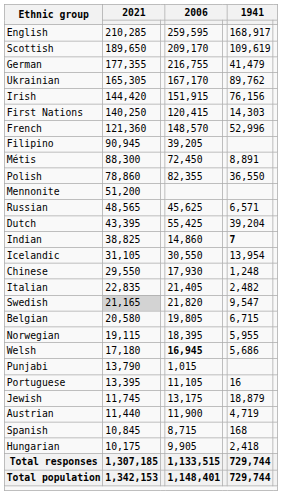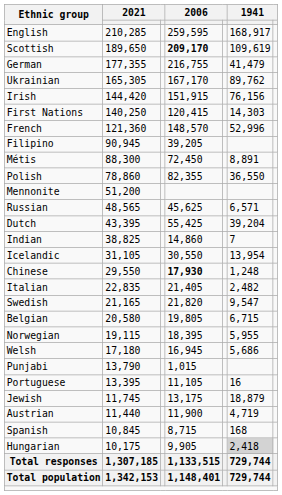 <table class="wikitable sortable">
 <tr>
 <th rowspan="2">Ethnic group</th>
 <th colspan="2">2021</th>
 <th colspan="2">2006</th>
 <th colspan="2">1941</th>
 </tr>
 <tr>
 <th><a href='#'></a></th>
 <th></th>
 <th></th>
 <th></th>
 <th></th>
 <th></th>
 </tr>
 <tr>
 <td>English</td>
 <td>210,285</td>
 <td></td>
 <td>259,595</td>
 <td></td>
 <td>168,917</td>
 <td></td>
 </tr>
 <tr>
 <td>Scottish</td>
 <td>189,650</td>
 <td></td>
-<td>209,170</td>
+<td><strong>209,170</strong></td>
 <td></td>
 <td>109,619</td>
 <td></td>
 </tr>
 <tr>
 <td>German</td>
 <td>177,355</td>
 <td></td>
 <td>216,755</td>
 <td></td>
 <td>41,479</td>
 <td></td>
 </tr>
 <tr>
 <td>Ukrainian</td>
 <td>165,305</td>
 <td></td>
 <td>167,170</td>
 <td></td>
 <td>89,762</td>
 <td></td>
 </tr>
 <tr>
 <td>Irish</td>
 <td>144,420</td>
 <td></td>
 <td>151,915</td>
 <td></td>
 <td>76,156</td>
 <td></td>
 </tr>
 <tr>
 <td>First Nations</td>
 <td>140,250</td>
 <td></td>
 <td>120,415</td>
 <td></td>
 <td>14,303</td>
 <td></td>
 </tr>
 <tr>
 <td>French</td>
 <td>121,360</td>
 <td></td>
 <td>148,570</td>
 <td></td>
 <td>52,996</td>
 <td></td>
 </tr>
 <tr>
 <td>Filipino</td>
 <td>90,945</td>
 <td></td>
 <td>39,205</td>
 <td></td>
 <td></td>
 <td></td>
 </tr>
 <tr>
 <td>Métis</td>
 <td>88,300</td>
 <td></td>
 <td>72,450</td>
 <td></td>
 <td>8,891</td>
 <td></td>
 </tr>
 <tr>
 <td>Polish</td>
 <td>78,860</td>
 <td></td>
 <td>82,355</td>
 <td></td>
 <td>36,550</td>
 <td></td>
 </tr>
 <tr>
 <td>Mennonite</td>
 <td>51,200</td>
 <td></td>
 <td></td>
 <td></td>
 <td></td>
 <td></td>
 </tr>
 <tr>
 <td>Russian</td>
 <td>48,565</td>
 <td></td>
 <td>45,625</td>
 <td></td>
 <td>6,571</td>
 <td></td>
 </tr>
 <tr>
 <td>Dutch</td>
 <td>43,395</td>
 <td></td>
 <td>55,425</td>
 <td></td>
 <td>39,204</td>
 <td></td>
 </tr>
 <tr>
 <td>Indian</td>
 <td>38,825</td>
 <td></td>
 <td>14,860</td>
 <td></td>
-<td><strong>7</strong></td>
+<td>7</td>
 <td></td>
 </tr>
 <tr>
 <td>Icelandic</td>
 <td>31,105</td>
 <td></td>
 <td>30,550</td>
 <td></td>
 <td>13,954</td>
 <td></td>
 </tr>
 <tr>
 <td>Chinese</td>
 <td>29,550</td>
 <td></td>
-<td>17,930</td>
+<td><strong>17,930</strong></td>
 <td></td>
 <td>1,248</td>
 <td></td>
 </tr>
 <tr>
 <td>Italian</td>
 <td>22,835</td>
 <td></td>
 <td>21,405</td>
 <td></td>
 <td>2,482</td>
 <td></td>
 </tr>
 <tr>
 <td>Swedish</td>
-<td style="background: lightgrey;">21,165</td>
+<td>21,165</td>
 <td></td>
 <td>21,820</td>
 <td></td>
 <td>9,547</td>
 <td></td>
 </tr>
 <tr>
 <td>Belgian</td>
 <td>20,580</td>
 <td></td>
 <td>19,805</td>
 <td></td>
 <td>6,715</td>
 <td></td>
 </tr>
 <tr>
 <td>Norwegian</td>
 <td>19,115</td>
 <td></td>
 <td>18,395</td>
 <td></td>
 <td>5,955</td>
 <td></td>
 </tr>
 <tr>
 <td>Welsh</td>
 <td>17,180</td>
 <td></td>
-<td><strong>16,945</strong></td>
+<td>16,945</td>
 <td></td>
 <td>5,686</td>
 <td></td>
 </tr>
 <tr>
 <td>Punjabi</td>
 <td>13,790</td>
 <td></td>
 <td>1,015</td>
 <td></td>
 <td></td>
 <td></td>
 </tr>
 <tr>
 <td>Portuguese</td>
 <td>13,395</td>
 <td></td>
 <td>11,105</td>
 <td></td>
 <td>16</td>
 <td></td>
 </tr>
 <tr>
 <td>Jewish</td>
 <td>11,745</td>
 <td></td>
 <td>13,175</td>
 <td></td>
 <td>18,879</td>
 <td></td>
 </tr>
 <tr>
 <td>Austrian</td>
 <td>11,440</td>
 <td></td>
 <td>11,900</td>
 <td></td>
 <td>4,719</td>
 <td></td>
 </tr>
 <tr>
 <td>Spanish</td>
 <td>10,845</td>
 <td></td>
 <td>8,715</td>
 <td></td>
 <td>168</td>
 <td></td>
 </tr>
 <tr>
 <td>Hungarian</td>
 <td>10,175</td>
 <td></td>
 <td>9,905</td>
 <td></td>
-<td>2,418</td>
+<td style="background: lightgrey;">2,418</td>
 <td></td>
 </tr>
 <tr>
 <th>Total responses</th>
 <th>1,307,185</th>
 <th></th>
 <th>1,133,515</th>
 <th></th>
 <th>729,744</th>
 <th></th>
 </tr>
 <tr class="sortbottom">
 <th>Total population</th>
 <th>1,342,153</th>
 <th></th>
 <th>1,148,401</th>
 <th></th>
 <th>729,744</th>
 <th></th>
 </tr>
 <tr class="sortbottom ">
 <td colspan="7"></td>
 </tr>
 </table>
